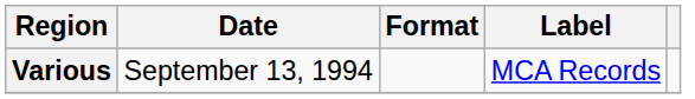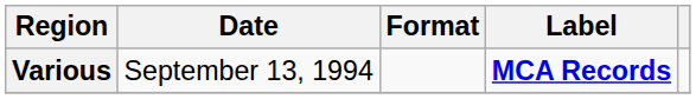 <table class="wikitable plainrowheaders">
 <tr>
 <th scope="col">Region</th>
 <th scope="col">Date</th>
 <th scope="col">Format</th>
 <th scope="col">Label</th>
 <th scope="col"></th>
 </tr>
 <tr>
 <th scope="row">Various</th>
 <td>September 13, 1994</td>
 <td></td>
-<td><a href='#'>MCA Records</a></td>
+<td><strong><a href='#'>MCA Records</a></strong></td>
 <td style="text-align:center;"></td>
 </tr>
 <tr>
 </tr>
 </table>
